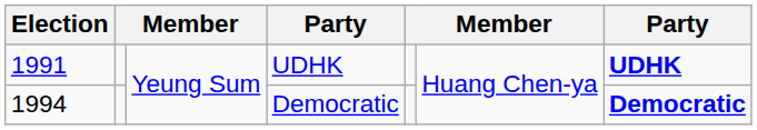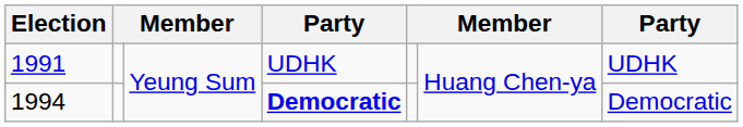 <table class="wikitable">
 <tr>
 <th>Election</th>
 <th colspan="2">Member</th>
 <th>Party</th>
 <th colspan="2">Member</th>
 <th>Party</th>
 </tr>
 <tr>
 <td><a href='#'>1991</a></td>
 <td bgcolor=></td>
 <td rowspan="2"><a href='#'>Yeung Sum</a></td>
 <td><a href='#'>UDHK</a></td>
 <td bgcolor=></td>
 <td rowspan="2"><a href='#'>Huang Chen-ya</a></td>
-<td><strong><a href='#'>UDHK</a></strong></td>
+<td><a href='#'>UDHK</a></td>
 </tr>
 <tr>
 <td>1994</td>
 <td bgcolor=></td>
+<td><strong><a href='#'>Democratic</a></strong></td>
+<td bgcolor=></td>
 <td><a href='#'>Democratic</a></td>
-<td bgcolor=></td>
-<td><strong><a href='#'>Democratic</a></strong></td>
 </tr>
 </table>
